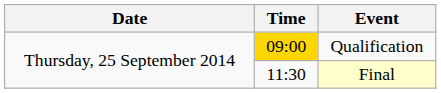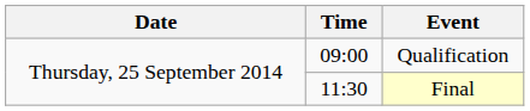 <table class = "wikitable" style="text-align:center;">
 <tr>
 <th width=220>Date</th>
 <th width=50>Time</th>
 <th width=100>Event</th>
 </tr>
 <tr>
 <td rowspan=2>Thursday, 25 September 2014</td>
-<td style="background: gold;">09:00</td>
+<td>09:00</td>
 <td>Qualification</td>
 </tr>
 <tr>
 <td>11:30</td>
 <td bgcolor=ffffcc>Final</td>
 </tr>
 </table>
